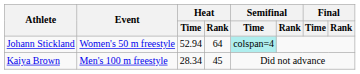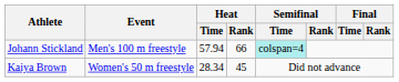 <table class=wikitable style="font-size:90%">
 <tr>
 <th rowspan="2">Athlete</th>
 <th rowspan="2">Event</th>
 <th colspan="2">Heat</th>
 <th colspan="2">Semifinal</th>
 <th colspan="2">Final</th>
 </tr>
 <tr style="font-size:95%">
 <th>Time</th>
 <th>Rank</th>
 <th>Time</th>
 <th>Rank</th>
 <th>Time</th>
 <th>Rank</th>
 </tr>
 <tr align=center>
 <td align=left><a href='#'>Johann Stickland</a></td>
-<td align=left><a href='#'>Women's 50 m freestyle</a></td>
-<td>52.94</td>
-<td>64</td>
+<td align=left><a href='#'>Men's 100 m freestyle</a></td>
+<td>57.94</td>
+<td>66</td>
 <td style="background: paleturquoise;">colspan=4 </td>
 </tr>
 <tr align=center>
 <td align=left><a href='#'>Kaiya Brown</a></td>
-<td align=left><a href='#'>Men's 100 m freestyle</a></td>
+<td align=left><a href='#'>Women's 50 m freestyle</a></td>
 <td>28.34</td>
 <td>45</td>
 <td colspan="4">Did not advance</td>
 </tr>
 </table>
